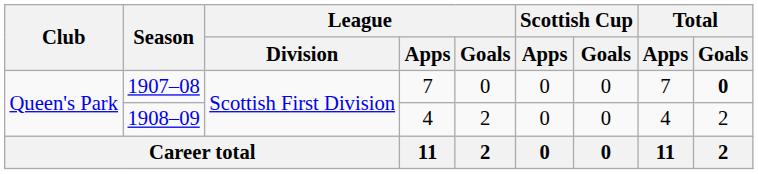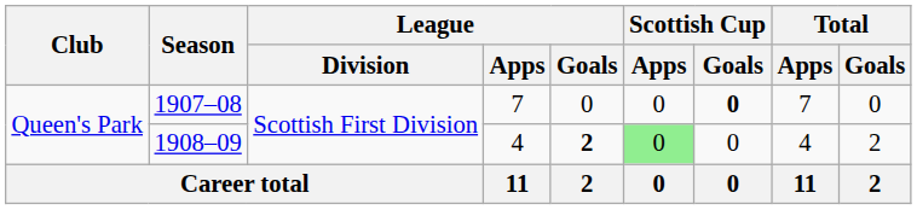 <table class="wikitable" style="text-align: center;">
 <tr>
 <th rowspan="2">Club</th>
 <th rowspan="2">Season</th>
 <th colspan="3">League</th>
 <th colspan="2">Scottish Cup</th>
 <th colspan="2">Total</th>
 </tr>
 <tr>
 <th>Division</th>
 <th>Apps</th>
 <th>Goals</th>
 <th>Apps</th>
 <th>Goals</th>
 <th>Apps</th>
 <th>Goals</th>
 </tr>
 <tr>
 <td rowspan="2"><a href='#'>Queen's Park</a></td>
 <td><a href='#'>1907–08</a></td>
 <td rowspan="2"><a href='#'>Scottish First Division</a></td>
 <td>7</td>
 <td>0</td>
 <td>0</td>
+<td><strong>0</strong></td>
+<td>7</td>
 <td>0</td>
-<td>7</td>
-<td><strong>0</strong></td>
 </tr>
 <tr>
 <td><a href='#'>1908–09</a></td>
 <td>4</td>
-<td>2</td>
-<td>0</td>
+<td><strong>2</strong></td>
+<td style="background: lightgreen;">0</td>
 <td>0</td>
 <td>4</td>
 <td>2</td>
 </tr>
 <tr>
 <th colspan="3">Career total</th>
 <th>11</th>
 <th>2</th>
 <th>0</th>
 <th>0</th>
 <th>11</th>
 <th>2</th>
 </tr>
 </table>
